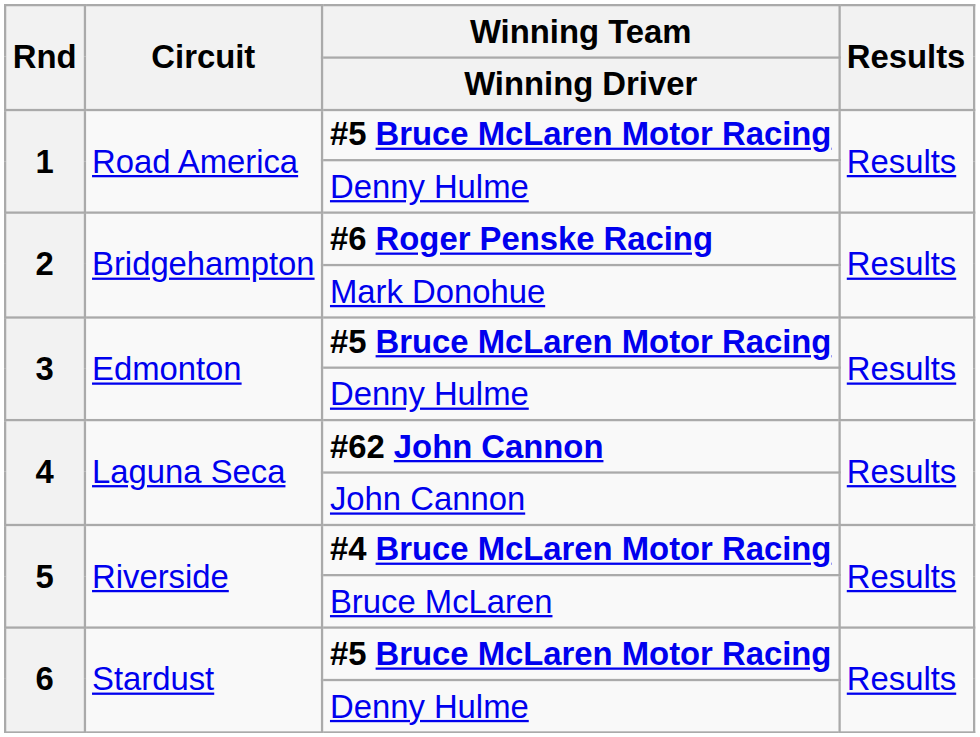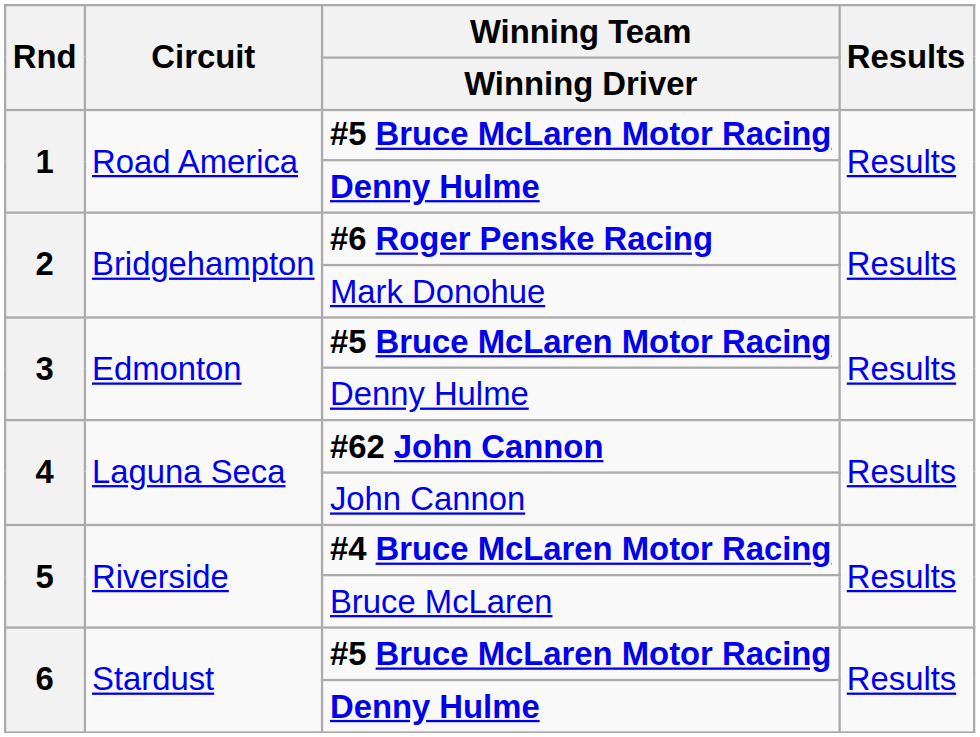 <table class="wikitable" style="font-size: 90%;">
 <tr>
 <th rowspan=2>Rnd</th>
 <th rowspan=2>Circuit</th>
 <th>Winning Team</th>
 <th rowspan=2>Results</th>
 </tr>
 <tr>
 <th>Winning Driver</th>
 </tr>
 <tr>
 <th rowspan=2>1</th>
 <td rowspan=2><a href='#'>Road America</a></td>
 <td><strong> #5 <a href='#'>Bruce McLaren Motor Racing</a></strong></td>
 <td rowspan=2><a href='#'>Results</a></td>
 </tr>
 <tr>
-<td> <a href='#'>Denny Hulme</a></td>
+<td><strong> <a href='#'>Denny Hulme</a></strong></td>
 </tr>
 <tr>
 <th rowspan=2>2</th>
 <td rowspan=2><a href='#'>Bridgehampton</a></td>
 <td><strong> #6 <a href='#'>Roger Penske Racing</a></strong></td>
 <td rowspan=2><a href='#'>Results</a></td>
 </tr>
 <tr>
 <td> <a href='#'>Mark Donohue</a></td>
 </tr>
 <tr>
 <th rowspan=2>3</th>
 <td rowspan=2><a href='#'>Edmonton</a></td>
 <td><strong> #5 <a href='#'>Bruce McLaren Motor Racing</a></strong></td>
 <td rowspan=2><a href='#'>Results</a></td>
 </tr>
 <tr>
 <td> <a href='#'>Denny Hulme</a></td>
 </tr>
 <tr>
 <th rowspan=2>4</th>
 <td rowspan=2><a href='#'>Laguna Seca</a></td>
 <td><strong> #62 <a href='#'>John Cannon</a></strong></td>
 <td rowspan=2><a href='#'>Results</a></td>
 </tr>
 <tr>
 <td> <a href='#'>John Cannon</a></td>
 </tr>
 <tr>
 <th rowspan=2>5</th>
 <td rowspan=2><a href='#'>Riverside</a></td>
 <td><strong> #4 <a href='#'>Bruce McLaren Motor Racing</a></strong></td>
 <td rowspan=2><a href='#'>Results</a></td>
 </tr>
 <tr>
 <td> <a href='#'>Bruce McLaren</a></td>
 </tr>
 <tr>
 <th rowspan=2>6</th>
 <td rowspan=2><a href='#'>Stardust</a></td>
 <td><strong> #5 <a href='#'>Bruce McLaren Motor Racing</a></strong></td>
 <td rowspan=2><a href='#'>Results</a></td>
 </tr>
 <tr>
-<td> <a href='#'>Denny Hulme</a></td>
+<td><strong> <a href='#'>Denny Hulme</a></strong></td>
 </tr>
 </table>
